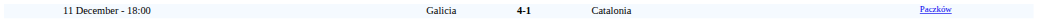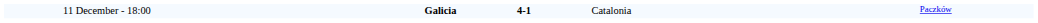 <table style="width: 100%; background:#F5FAFF;" cellspacing="0">
 <tr>
 <td align=center rowspan=3 width=20%>11 December - 18:00</td>
 </tr>
 <tr>
-<td width=24% align=right>Galicia</td>
+<td width=24% align=right><strong>Galicia</strong></td>
 <td align=center width=13%><strong>4-1</strong></td>
 <td width=24%>Catalonia</td>
 <td style=font-size:85% rowspan=3 valign=top align=center><a href='#'>Paczków</a></td>
 </tr>
 <tr style=font-size:85%>
 <td align=right valign=top></td>
 <td></td>
 <td></td>
 </tr>
 </table>
